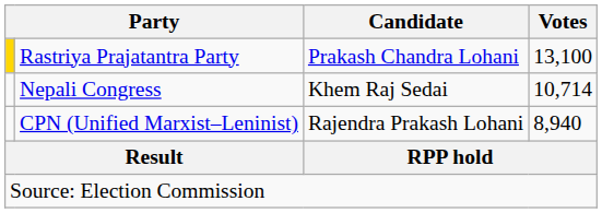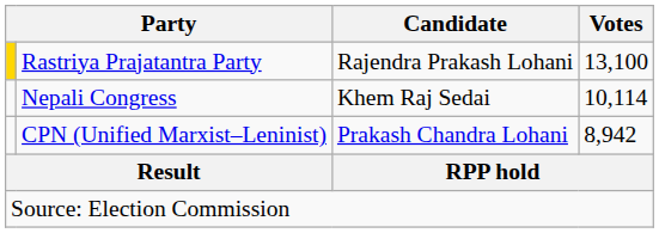 <table class="wikitable">
 <tr>
 <th colspan="2">Party</th>
 <th>Candidate</th>
 <th>Votes</th>
 </tr>
 <tr>
 <td style="background-color:gold"></td>
 <td><a href='#'>Rastriya Prajatantra Party</a></td>
-<td><a href='#'>Prakash Chandra Lohani</a></td>
+<td>Rajendra Prakash Lohani</td>
 <td>13,100</td>
 </tr>
 <tr>
 <td style="background-color:"></td>
 <td><a href='#'>Nepali Congress</a></td>
 <td>Khem Raj Sedai</td>
-<td>10,714</td>
+<td>10,114</td>
 </tr>
 <tr>
 <td style="background-color:"></td>
 <td><a href='#'>CPN (Unified Marxist–Leninist)</a></td>
-<td>Rajendra Prakash Lohani</td>
-<td>8,940</td>
+<td><a href='#'>Prakash Chandra Lohani</a></td>
+<td>8,942</td>
 </tr>
 <tr>
 <th colspan="2">Result</th>
 <th colspan="2">RPP hold</th>
 </tr>
 <tr>
 <td colspan="4">Source: Election Commission</td>
 </tr>
 </table>
